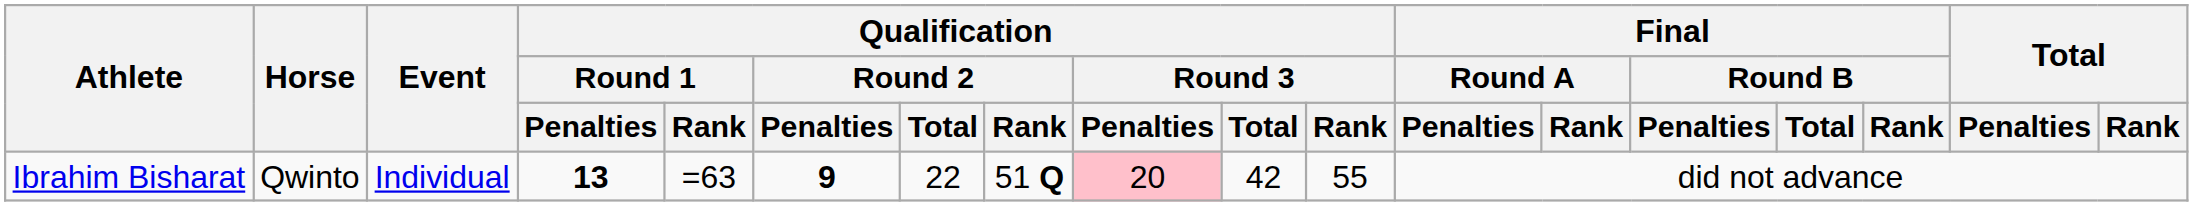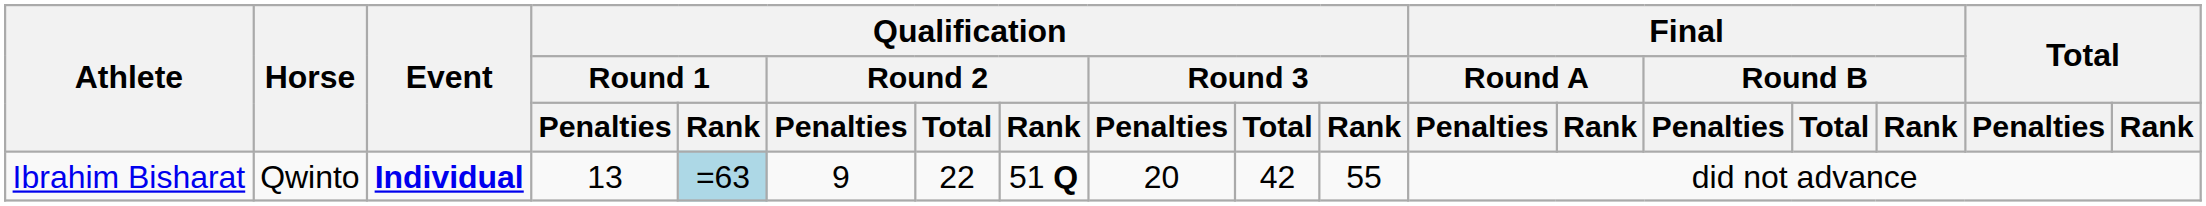 <table class="wikitable" style="font-size:90%">
 <tr>
 <th rowspan="3">Athlete</th>
 <th rowspan="3">Horse</th>
 <th rowspan="3">Event</th>
 <th colspan="8">Qualification</th>
 <th colspan="5">Final</th>
 <th rowspan=2 colspan="2">Total</th>
 </tr>
 <tr style="font-size:95%">
 <th colspan="2">Round 1</th>
 <th colspan="3">Round 2</th>
 <th colspan="3">Round 3</th>
 <th colspan="2">Round A</th>
 <th colspan="3">Round B</th>
 </tr>
 <tr style="font-size:95%">
 <th>Penalties</th>
 <th>Rank</th>
 <th>Penalties</th>
 <th>Total</th>
 <th>Rank</th>
 <th>Penalties</th>
 <th>Total</th>
 <th>Rank</th>
 <th>Penalties</th>
 <th>Rank</th>
 <th>Penalties</th>
 <th>Total</th>
 <th>Rank</th>
 <th>Penalties</th>
 <th>Rank</th>
 </tr>
 <tr align=center>
 <td align=left><a href='#'>Ibrahim Bisharat</a></td>
 <td align=left>Qwinto</td>
-<td align=left><a href='#'>Individual</a></td>
-<td><strong>13</strong></td>
-<td>=63</td>
-<td><strong>9</strong></td>
+<td align=left><strong><a href='#'>Individual</a></strong></td>
+<td>13</td>
+<td style="background: lightblue;">=63</td>
+<td>9</td>
 <td>22</td>
 <td>51 <strong>Q</strong></td>
-<td style="background: pink;">20</td>
+<td>20</td>
 <td>42</td>
 <td>55</td>
 <td colspan=7>did not advance</td>
 </tr>
 </table>
